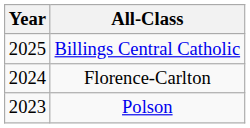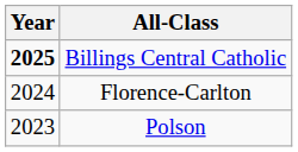 <table class="wikitable" style="text-align:center">
 <tr>
 <th>Year</th>
 <th>All-Class</th>
 </tr>
 <tr>
-<td>2025</td>
+<td><strong>2025</strong></td>
 <td><a href='#'>Billings Central Catholic</a></td>
 </tr>
 <tr>
 <td>2024</td>
 <td>Florence-Carlton</td>
 </tr>
 <tr>
 <td>2023</td>
 <td><a href='#'>Polson</a></td>
 </tr>
 </table>
